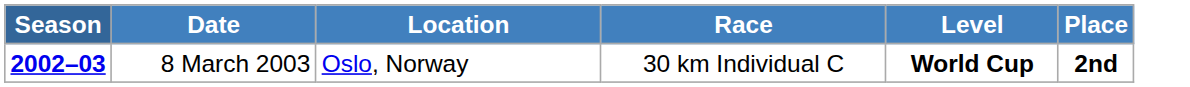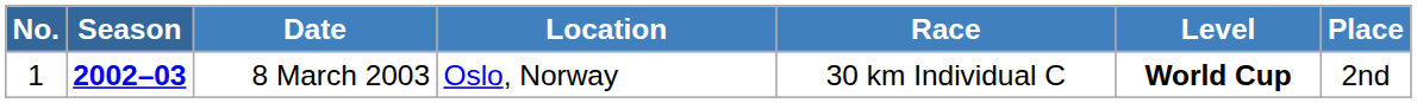 <table class="wikitable sortable" style="font-size:95%; text-align:center; border:grey solid 1px; border-collapse:collapse; background:#ffffff;">
 <tr style="background:#efefef;">
+<th style="background-color:#369; color:white;">No.</th>
 <th style="background-color:#369; color:white;">Season</th>
 <th style="background-color:#4180be; color:white; width:120px;">Date</th>
 <th style="background-color:#4180be; color:white; width:170px;">Location</th>
 <th style="background-color:#4180be; color:white; width:170px;">Race</th>
 <th style="background-color:#4180be; color:white; width:100px;">Level</th>
 <th style="background-color:#4180be; color:white;">Place</th>
 </tr>
 <tr>
+<td align=center>1</td>
 <td rowspan=1 align=center><strong><a href='#'>2002–03</a></strong></td>
 <td align=right>8 March 2003</td>
 <td align=left> <a href='#'>Oslo</a>, Norway</td>
 <td>30 km Individual C</td>
 <td><strong>World Cup</strong></td>
-<td><strong>2nd</strong></td>
+<td>2nd</td>
 </tr>
 </table>
